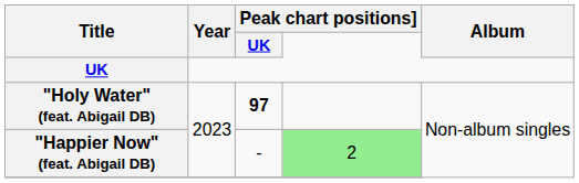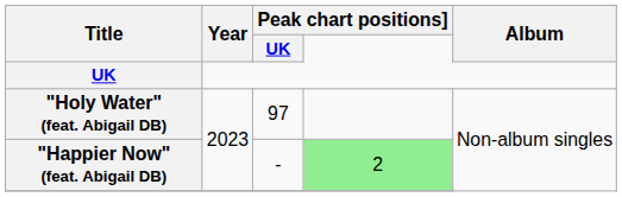 <table class="wikitable plainrowheaders" style="text-align:center;" border="1">
 <tr>
 <th scope="col" rowspan="2" style="width:10em;">Title</th>
 <th scope="col" rowspan="2" style="width:1em;">Year</th>
 <th scope="col" colspan="2">Peak chart positions]</th>
 <th scope="col" rowspan="2">Album</th>
 </tr>
 <tr>
 <th scope="col" style="width:2.5em;font-size:90%;"><a href='#'>UK</a></th>
 </tr>
 <tr>
 <th scope="col" style="width:2.5em;font-size:90%;"><a href='#'>UK</a></th>
 </tr>
 <tr>
 <th scope="row">"Holy Water"<br><small>(feat. Abigail DB)</small></th>
 <td rowspan="2">2023</td>
-<td><strong>97</strong></td>
+<td>97</td>
 <td></td>
 <td rowspan="3">Non-album singles</td>
 </tr>
 <tr>
 <th scope="row">"Happier Now"<br><small>(feat. Abigail DB)</small></th>
 <td>-</td>
 <td style="background: lightgreen;">2</td>
 </tr>
 <tr>
 </tr>
 </table>
